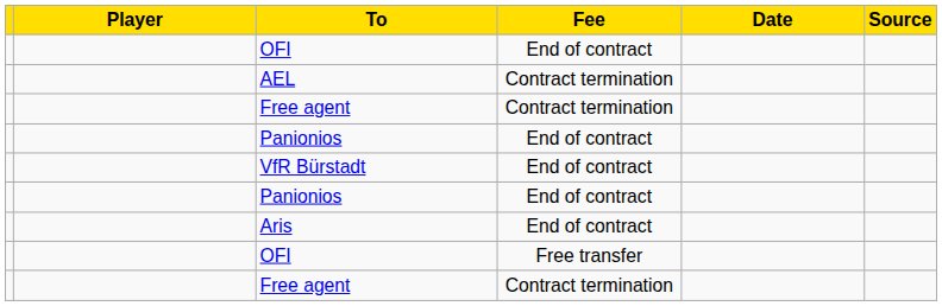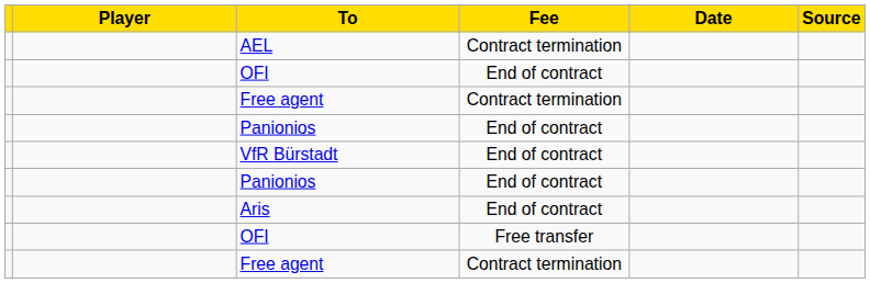 <table class="wikitable sortable">
 <tr>
 <th style="background:#FFDE00"></th>
 <th width=200 style="background:#FFDE00">Player</th>
 <th width=200 style="background:#FFDE00">To</th>
 <th width=150 style="background:#FFDE00">Fee</th>
 <th width=150 style="background:#FFDE00">Date</th>
 <th style="background:#FFDE00">Source</th>
 </tr>
 <tr>
 <td align=center></td>
 <td></td>
-<td> <a href='#'>OFI</a></td>
-<td align=center>End of contract</td>
+<td> <a href='#'>AEL</a></td>
+<td align=center>Contract termination</td>
 <td align=center></td>
 <td align=center></td>
 </tr>
 <tr>
 <td align=center></td>
 <td></td>
-<td> <a href='#'>AEL</a></td>
-<td align=center>Contract termination</td>
+<td> <a href='#'>OFI</a></td>
+<td align=center>End of contract</td>
 <td align=center></td>
 <td align=center></td>
 </tr>
 <tr>
 <td align=center></td>
 <td></td>
 <td><a href='#'>Free agent</a></td>
 <td align=center>Contract termination</td>
 <td align=center></td>
 <td align=center></td>
 </tr>
 <tr>
 <td align=center></td>
 <td></td>
 <td> <a href='#'>Panionios</a></td>
 <td align=center>End of contract</td>
 <td align=center></td>
 <td align=center></td>
 </tr>
 <tr>
 <td align=center></td>
 <td></td>
 <td> <a href='#'>VfR Bürstadt</a></td>
 <td align=center>End of contract</td>
 <td align=center></td>
 <td align=center></td>
 </tr>
 <tr>
 <td align=center></td>
 <td></td>
 <td> <a href='#'>Panionios</a></td>
 <td align=center>End of contract</td>
 <td align=center></td>
 <td align=center></td>
 </tr>
 <tr>
 <td align=center></td>
 <td></td>
 <td> <a href='#'>Aris</a></td>
 <td align=center>End of contract</td>
 <td align=center></td>
 <td align=center></td>
 </tr>
 <tr>
 <td align=center></td>
 <td></td>
 <td> <a href='#'>OFI</a></td>
 <td align=center>Free transfer</td>
 <td align=center></td>
 <td align=center></td>
 </tr>
 <tr>
 <td align=center></td>
 <td></td>
 <td><a href='#'>Free agent</a></td>
 <td align=center>Contract termination</td>
 <td align=center></td>
 <td align=center></td>
 </tr>
 </table>
